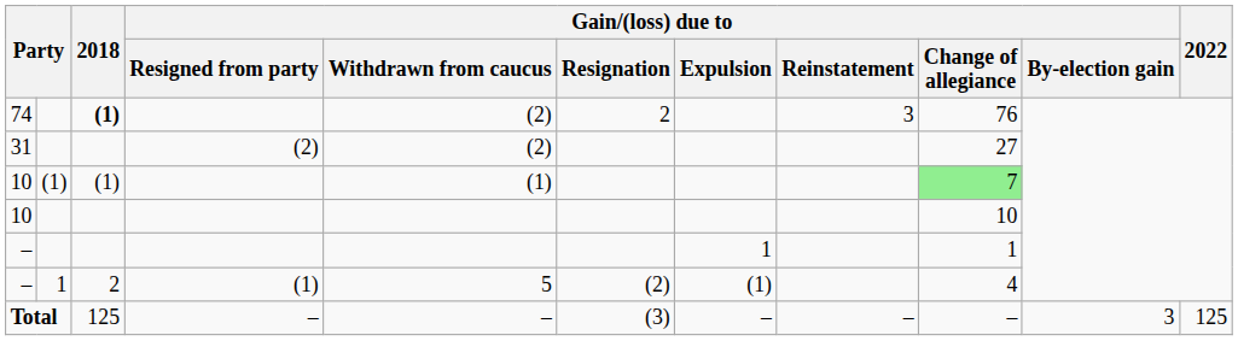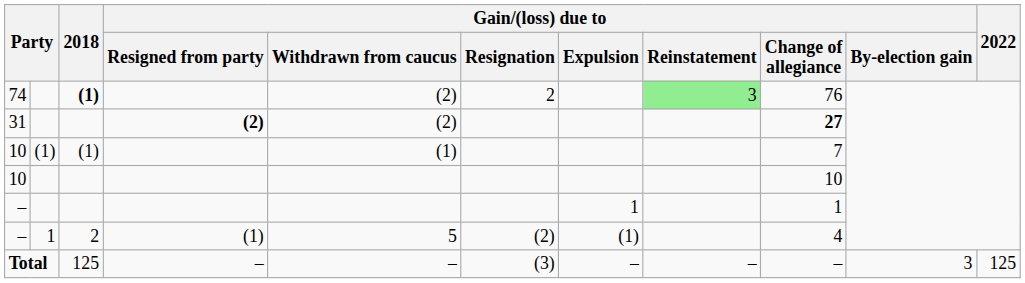 <table class="wikitable" style="text-align:right">
 <tr>
 <th rowspan="2" colspan="2">Party</th>
 <th rowspan="2">2018</th>
 <th colspan="7">Gain/(loss) due to</th>
 <th rowspan="2">2022</th>
 </tr>
 <tr>
 <th>Resigned from party</th>
 <th>Withdrawn from caucus</th>
 <th>Resignation</th>
 <th>Expulsion</th>
 <th>Reinstatement</th>
 <th>Change of<br>allegiance</th>
 <th>By-election gain</th>
 </tr>
 <tr>
 <td>74</td>
 <td></td>
 <td><strong>(1)</strong></td>
 <td></td>
 <td>(2)</td>
 <td>2</td>
 <td></td>
-<td>3</td>
+<td style="background: lightgreen;">3</td>
 <td>76</td>
 </tr>
 <tr>
 <td>31</td>
 <td></td>
 <td></td>
-<td>(2)</td>
+<td><strong>(2)</strong></td>
 <td>(2)</td>
 <td></td>
 <td></td>
 <td></td>
-<td>27</td>
+<td><strong>27</strong></td>
 </tr>
 <tr>
 <td>10</td>
 <td>(1)</td>
 <td>(1)</td>
 <td></td>
 <td>(1)</td>
 <td></td>
 <td></td>
 <td></td>
-<td style="background: lightgreen;">7</td>
+<td>7</td>
 </tr>
 <tr>
 <td>10</td>
 <td></td>
 <td></td>
 <td></td>
 <td></td>
 <td></td>
 <td></td>
 <td></td>
 <td>10</td>
 </tr>
 <tr>
 <td>–</td>
 <td></td>
 <td></td>
 <td></td>
 <td></td>
 <td></td>
 <td>1</td>
 <td></td>
 <td>1</td>
 </tr>
 <tr>
 <td>–</td>
 <td>1</td>
 <td>2</td>
 <td>(1)</td>
 <td>5</td>
 <td>(2)</td>
 <td>(1)</td>
 <td></td>
 <td>4</td>
 </tr>
 <tr>
 <td colspan="2" style="text-align:left;"><strong>Total</strong></td>
 <td>125</td>
 <td>–</td>
 <td>–</td>
 <td>(3)</td>
 <td>–</td>
 <td>–</td>
 <td>–</td>
 <td>3</td>
 <td>125</td>
 </tr>
 </table>
